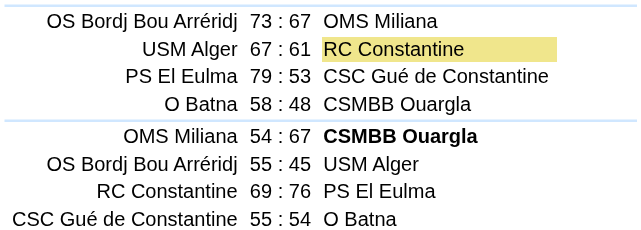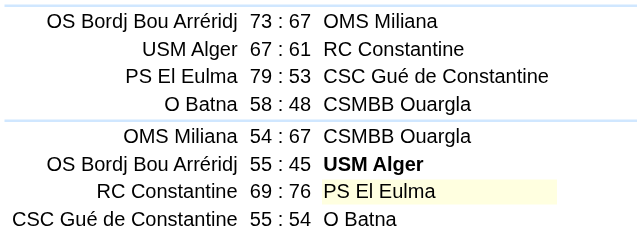 <table style="text-align:center" width=510>
 <tr>
 <th width=30%></th>
 <th width=10%></th>
 <th width=30%></th>
 <th width=10%></th>
 </tr>
 <tr align="left" bgcolor=#D0E7FF>
 <td colspan=4></td>
 </tr>
 <tr>
 <td align="right">OS Bordj Bou Arréridj</td>
 <td>73 : 67</td>
 <td align=left>OMS Miliana</td>
 </tr>
 <tr>
 <td align="right">USM Alger</td>
 <td>67 : 61</td>
-<td align=left style="background: khaki;">RC Constantine</td>
+<td align=left>RC Constantine</td>
 </tr>
 <tr>
 <td align="right">PS El Eulma</td>
 <td>79 : 53</td>
 <td align=left>CSC Gué de Constantine</td>
 </tr>
 <tr>
 <td align="right">O Batna</td>
 <td>58 : 48</td>
 <td align=left>CSMBB Ouargla</td>
 </tr>
 <tr align="left" bgcolor=#D0E7FF>
 <td colspan=4></td>
 </tr>
 <tr>
 <td align="right">OMS Miliana</td>
 <td>54 : 67</td>
-<td align=left><strong>CSMBB Ouargla</strong></td>
+<td align=left>CSMBB Ouargla</td>
 </tr>
 <tr>
 <td align="right">OS Bordj Bou Arréridj</td>
 <td>55 : 45</td>
-<td align=left>USM Alger</td>
+<td align=left><strong>USM Alger</strong></td>
 </tr>
 <tr>
 <td align="right">RC Constantine</td>
 <td>69 : 76</td>
-<td align=left>PS El Eulma</td>
+<td align=left style="background: lightyellow;">PS El Eulma</td>
 </tr>
 <tr>
 <td align="right">CSC Gué de Constantine</td>
 <td>55 : 54</td>
 <td align=left>O Batna</td>
 </tr>
 </table>
